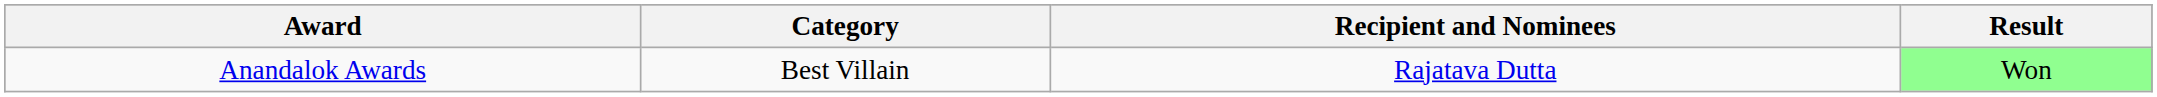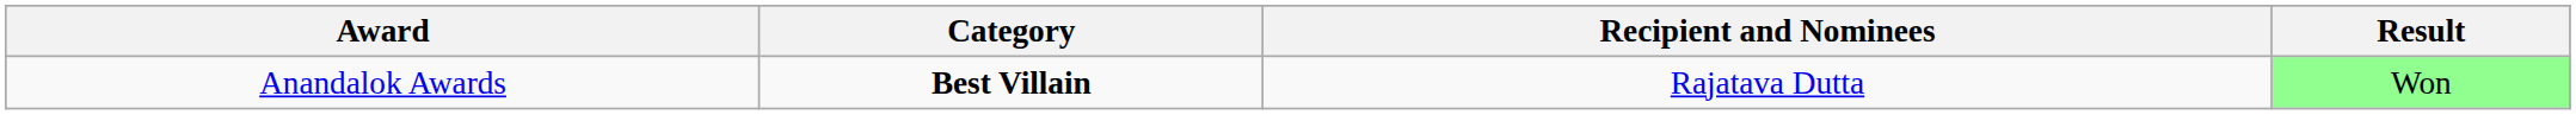 <table class="wikitable"  style="text-align:center; width:100%;">
 <tr>
 <th>Award</th>
 <th>Category</th>
 <th>Recipient and Nominees</th>
 <th>Result</th>
 </tr>
 <tr>
 <td rowspan="5"><a href='#'>Anandalok Awards</a></td>
-<td>Best Villain</td>
+<td><strong>Best Villain</strong></td>
 <td><a href='#'>Rajatava Dutta</a></td>
 <td style="background:#90ff90">Won</td>
 </tr>
 </table>
